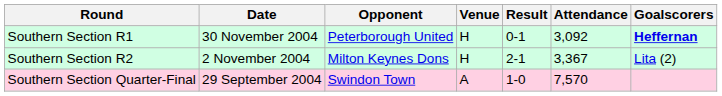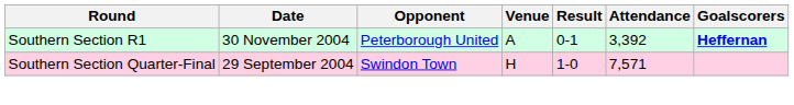 <table class="wikitable">
 <tr>
 <th>Round</th>
 <th>Date</th>
 <th>Opponent</th>
 <th>Venue</th>
 <th>Result</th>
 <th>Attendance</th>
 <th>Goalscorers</th>
 </tr>
 <tr style="background-color: #d0ffe3;">
 <td>Southern Section R1</td>
 <td>30 November 2004</td>
 <td><a href='#'>Peterborough United</a></td>
-<td>H</td>
+<td>A</td>
 <td>0-1</td>
-<td>3,092</td>
+<td>3,392</td>
 <td><strong><a href='#'>Heffernan</a></strong></td>
-</tr>
-<tr style="background-color: #d0ffe3;">
-<td>Southern Section R2</td>
-<td>2 November 2004</td>
-<td><a href='#'>Milton Keynes Dons</a></td>
-<td>H</td>
-<td>2-1</td>
-<td>3,367</td>
-<td><a href='#'>Lita</a> (2)</td>
 </tr>
 <tr style="background-color: #ffd0e3;">
 <td>Southern Section Quarter-Final</td>
 <td>29 September 2004</td>
 <td><a href='#'>Swindon Town</a></td>
-<td>A</td>
+<td>H</td>
 <td>1-0</td>
-<td>7,570</td>
+<td>7,571</td>
 <td></td>
 </tr>
 </table>
